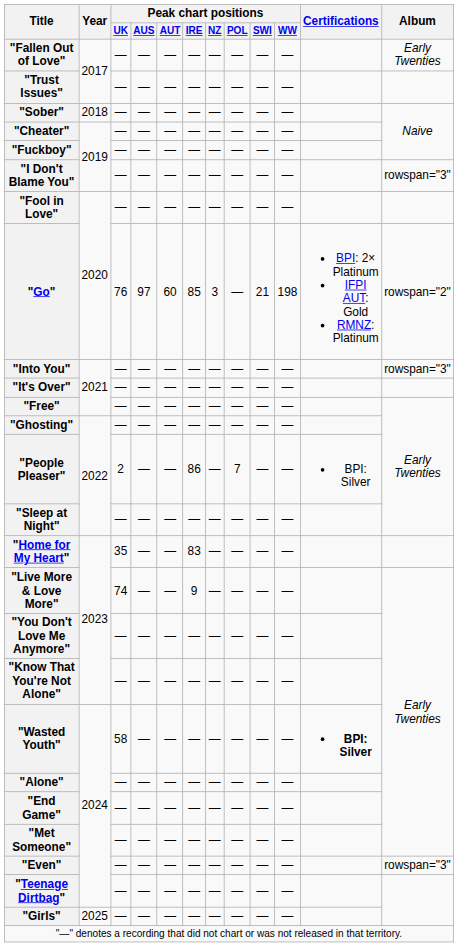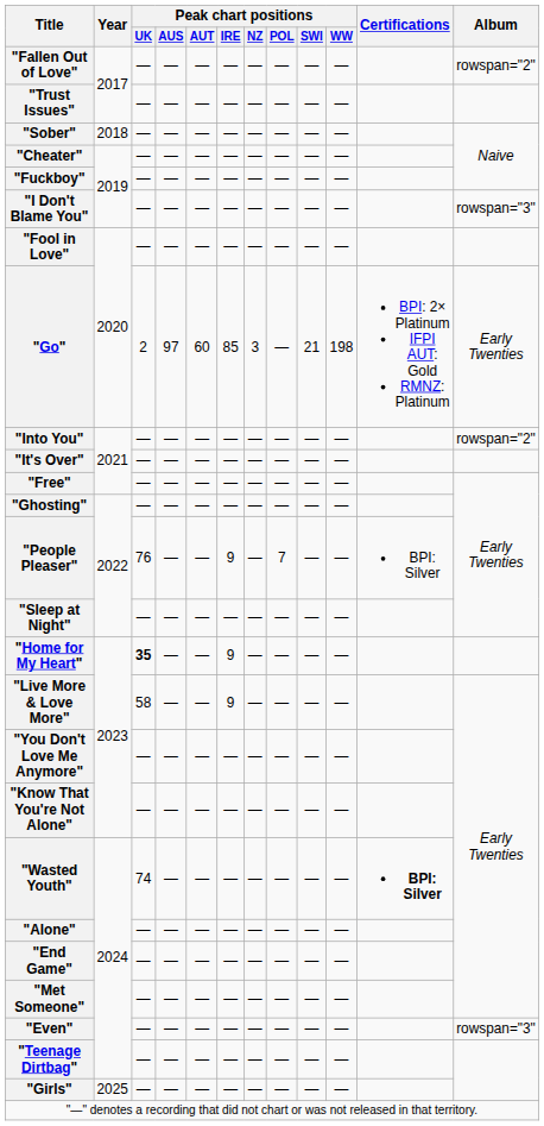 <table class="wikitable plainrowheaders" style="text-align:center;">
 <tr>
 <th scope="col" rowspan="2" style="width:15em;">Title</th>
 <th scope="col" rowspan="2" style="width:1em;">Year</th>
 <th scope="col" colspan="8">Peak chart positions</th>
 <th scope="col" rowspan="2"><a href='#'>Certifications</a></th>
 <th scope="col" rowspan="2">Album</th>
 </tr>
 <tr>
 <th scope="col" style="width:3em;font-size:85%;"><a href='#'>UK</a><br></th>
 <th scope="col" style="width:3em;font-size:85%;"><a href='#'>AUS</a><br></th>
 <th scope="col" style="width:3em;font-size:85%;"><a href='#'>AUT</a><br></th>
 <th scope="col" style="width:3em;font-size:85%;"><a href='#'>IRE</a><br></th>
 <th scope="col" style="width:3em;font-size:85%;"><a href='#'>NZ</a><br></th>
 <th scope="col" style="width:3em;font-size:85%;"><a href='#'>POL</a><br></th>
 <th scope="col" style="width:3em;font-size:85%;"><a href='#'>SWI</a><br></th>
 <th scope="col" style="width:3em;font-size:85%;"><a href='#'>WW</a><br></th>
 </tr>
 <tr>
 <th scope="row">"Fallen Out of Love"<br></th>
 <td rowspan="2">2017</td>
 <td>—</td>
 <td>—</td>
 <td>—</td>
 <td>—</td>
 <td>—</td>
 <td>—</td>
 <td>—</td>
 <td>—</td>
 <td></td>
-<td><em>Early Twenties</em></td>
+<td>rowspan="2" </td>
 </tr>
 <tr>
 <th scope="row">"Trust Issues"</th>
 <td>—</td>
 <td>—</td>
 <td>—</td>
 <td>—</td>
 <td>—</td>
 <td>—</td>
 <td>—</td>
 <td>—</td>
 <td></td>
 </tr>
 <tr>
 <th scope="row">"Sober"</th>
 <td>2018</td>
 <td>—</td>
 <td>—</td>
 <td>—</td>
 <td>—</td>
 <td>—</td>
 <td>—</td>
 <td>—</td>
 <td>—</td>
 <td></td>
 <td rowspan="3"><em>Naive</em></td>
 </tr>
 <tr>
 <th scope="row">"Cheater"</th>
 <td rowspan="3">2019</td>
 <td>—</td>
 <td>—</td>
 <td>—</td>
 <td>—</td>
 <td>—</td>
 <td>—</td>
 <td>—</td>
 <td>—</td>
 <td></td>
 </tr>
 <tr>
 <th scope="row">"Fuckboy"</th>
 <td>—</td>
 <td>—</td>
 <td>—</td>
 <td>—</td>
 <td>—</td>
 <td>—</td>
 <td>—</td>
 <td>—</td>
 <td></td>
 </tr>
 <tr>
 <th scope="row">"I Don't Blame You"</th>
 <td>—</td>
 <td>—</td>
 <td>—</td>
 <td>—</td>
 <td>—</td>
 <td>—</td>
 <td>—</td>
 <td>—</td>
 <td></td>
 <td>rowspan="3" </td>
 </tr>
 <tr>
 <th scope="row">"Fool in Love"</th>
 <td rowspan="2">2020</td>
 <td>—</td>
 <td>—</td>
 <td>—</td>
 <td>—</td>
 <td>—</td>
 <td>—</td>
 <td>—</td>
 <td>—</td>
 <td></td>
 </tr>
 <tr>
 <th scope="row">"<a href='#'>Go</a>"</th>
-<td>76</td>
+<td>2</td>
 <td>97</td>
 <td>60</td>
 <td>85</td>
 <td>3</td>
 <td>—</td>
 <td>21</td>
 <td>198</td>
 <td><br><ul><li><a href='#'>BPI</a>: 2× Platinum</li><li><a href='#'>IFPI AUT</a>: Gold</li><li><a href='#'>RMNZ</a>: Platinum</li></ul></td>
-<td>rowspan="2" </td>
+<td><em>Early Twenties</em></td>
 </tr>
 <tr>
 <th scope="row">"Into You"</th>
 <td rowspan="3">2021</td>
 <td>—</td>
 <td>—</td>
 <td>—</td>
 <td>—</td>
 <td>—</td>
 <td>—</td>
 <td>—</td>
 <td>—</td>
 <td></td>
-<td>rowspan="3" </td>
+<td>rowspan="2" </td>
 </tr>
 <tr>
 <th scope="row">"It's Over"</th>
 <td>—</td>
 <td>—</td>
 <td>—</td>
 <td>—</td>
 <td>—</td>
 <td>—</td>
 <td>—</td>
 <td>—</td>
 <td></td>
 </tr>
 <tr>
 <th scope="row">"Free"</th>
 <td>—</td>
 <td>—</td>
 <td>—</td>
 <td>—</td>
 <td>—</td>
 <td>—</td>
 <td>—</td>
 <td>—</td>
 <td></td>
 <td rowspan="4"><em>Early Twenties</em></td>
 </tr>
 <tr>
 <th scope="row">"Ghosting"</th>
 <td rowspan="3">2022</td>
 <td>—</td>
 <td>—</td>
 <td>—</td>
 <td>—</td>
 <td>—</td>
 <td>—</td>
 <td>—</td>
 <td>—</td>
 <td></td>
 </tr>
 <tr>
 <th scope="row">"People Pleaser"</th>
-<td>2</td>
+<td>76</td>
 <td>—</td>
 <td>—</td>
-<td>86</td>
+<td>9</td>
 <td>—</td>
 <td>7</td>
 <td>—</td>
 <td>—</td>
 <td><br><ul><li>BPI: Silver</li></ul></td>
 </tr>
 <tr>
 <th scope="row">"Sleep at Night"</th>
 <td>—</td>
 <td>—</td>
 <td>—</td>
 <td>—</td>
 <td>—</td>
 <td>—</td>
 <td>—</td>
 <td>—</td>
 <td></td>
 </tr>
 <tr>
 <th scope="row">"<a href='#'>Home for My Heart</a>"<br></th>
 <td rowspan="4">2023</td>
-<td>35</td>
+<td><strong>35</strong></td>
 <td>—</td>
 <td>—</td>
-<td>83</td>
+<td>9</td>
 <td>—</td>
 <td>—</td>
 <td>—</td>
 <td>—</td>
 <td></td>
 <td></td>
 </tr>
 <tr>
 <th scope="row">"Live More & Love More"</th>
-<td>74</td>
+<td>58</td>
 <td>—</td>
 <td>—</td>
 <td>9</td>
 <td>—</td>
 <td>—</td>
 <td>—</td>
 <td>—</td>
 <td></td>
 <td rowspan="7"><em>Early Twenties</em></td>
 </tr>
 <tr>
 <th scope="row">"You Don't Love Me Anymore"</th>
 <td>—</td>
 <td>—</td>
 <td>—</td>
 <td>—</td>
 <td>—</td>
 <td>—</td>
 <td>—</td>
 <td>—</td>
 <td></td>
 </tr>
 <tr>
 <th scope="row">"Know That You're Not Alone"</th>
 <td>—</td>
 <td>—</td>
 <td>—</td>
 <td>—</td>
 <td>—</td>
 <td>—</td>
 <td>—</td>
 <td>—</td>
 <td></td>
 </tr>
 <tr>
 <th scope="row">"Wasted Youth"<br></th>
 <td rowspan="6">2024</td>
-<td>58</td>
+<td>74</td>
 <td>—</td>
 <td>—</td>
 <td>—</td>
 <td>—</td>
 <td>—</td>
 <td>—</td>
 <td>—</td>
 <td><strong><br><ul><li>BPI: Silver</li></ul></strong></td>
 </tr>
 <tr>
 <th scope="row">"Alone"</th>
 <td>—</td>
 <td>—</td>
 <td>—</td>
 <td>—</td>
 <td>—</td>
 <td>—</td>
 <td>—</td>
 <td>—</td>
 <td></td>
 </tr>
 <tr>
 <th scope="row">"End Game"</th>
 <td>—</td>
 <td>—</td>
 <td>—</td>
 <td>—</td>
 <td>—</td>
 <td>—</td>
 <td>—</td>
 <td>—</td>
 <td></td>
 </tr>
 <tr>
 <th scope="row">"Met Someone"</th>
 <td>—</td>
 <td>—</td>
 <td>—</td>
 <td>—</td>
 <td>—</td>
 <td>—</td>
 <td>—</td>
 <td>—</td>
 <td></td>
 </tr>
 <tr>
 <th scope="row">"Even"<br></th>
 <td>—</td>
 <td>—</td>
 <td>—</td>
 <td>—</td>
 <td>—</td>
 <td>—</td>
 <td>—</td>
 <td>—</td>
 <td></td>
 <td>rowspan="3" </td>
 </tr>
 <tr>
 <th scope="row">"<a href='#'>Teenage Dirtbag</a>"</th>
 <td>—</td>
 <td>—</td>
 <td>—</td>
 <td>—</td>
 <td>—</td>
 <td>—</td>
 <td>—</td>
 <td>—</td>
 <td></td>
 </tr>
 <tr>
 <th scope="row">"Girls"</th>
 <td>2025</td>
 <td>—</td>
 <td>—</td>
 <td>—</td>
 <td>—</td>
 <td>—</td>
 <td>—</td>
 <td>—</td>
 <td>—</td>
 <td></td>
 </tr>
 <tr>
 <td colspan="16" style="font-size:85%">"—" denotes a recording that did not chart or was not released in that territory.</td>
 </tr>
 </table>
